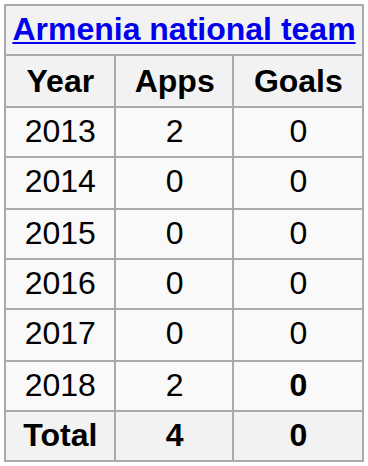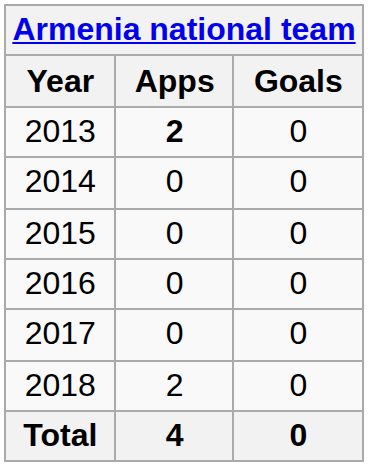 <table class="wikitable" style="text-align:center">
 <tr>
 <th colspan=3><a href='#'>Armenia national team</a></th>
 </tr>
 <tr>
 <th>Year</th>
 <th>Apps</th>
 <th>Goals</th>
 </tr>
 <tr>
 <td>2013</td>
-<td>2</td>
+<td><strong>2</strong></td>
 <td>0</td>
 </tr>
 <tr>
 <td>2014</td>
 <td>0</td>
 <td>0</td>
 </tr>
 <tr>
 <td>2015</td>
 <td>0</td>
 <td>0</td>
 </tr>
 <tr>
 <td>2016</td>
 <td>0</td>
 <td>0</td>
 </tr>
 <tr>
 <td>2017</td>
 <td>0</td>
 <td>0</td>
 </tr>
 <tr>
 <td>2018</td>
 <td>2</td>
-<td><strong>0</strong></td>
+<td>0</td>
 </tr>
 <tr>
 <th>Total</th>
 <th>4</th>
 <th>0</th>
 </tr>
 </table>
